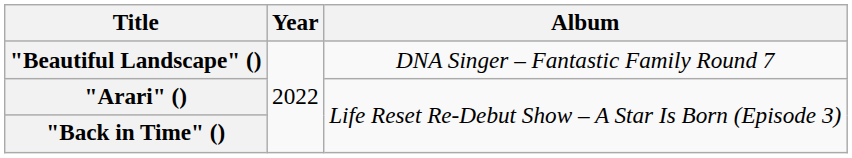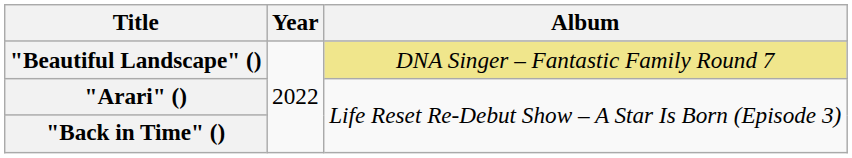 <table class="wikitable plainrowheaders" style="text-align:center">
 <tr>
 <th scope="col">Title</th>
 <th scope="col">Year</th>
 <th scope="col">Album</th>
 </tr>
 <tr>
 <th scope="row">"Beautiful Landscape" ()<br></th>
 <td rowspan="3">2022</td>
-<td><em>DNA Singer – Fantastic Family Round 7</em></td>
+<td style="background: khaki;"><em>DNA Singer – Fantastic Family Round 7</em></td>
 </tr>
 <tr>
 <th scope="row">"Arari" () <br></th>
 <td rowspan="2"><em>Life Reset Re-Debut Show – A Star Is Born (Episode 3)</em></td>
 </tr>
 <tr>
 <th scope="row">"Back in Time" () <br></th>
 </tr>
 </table>
